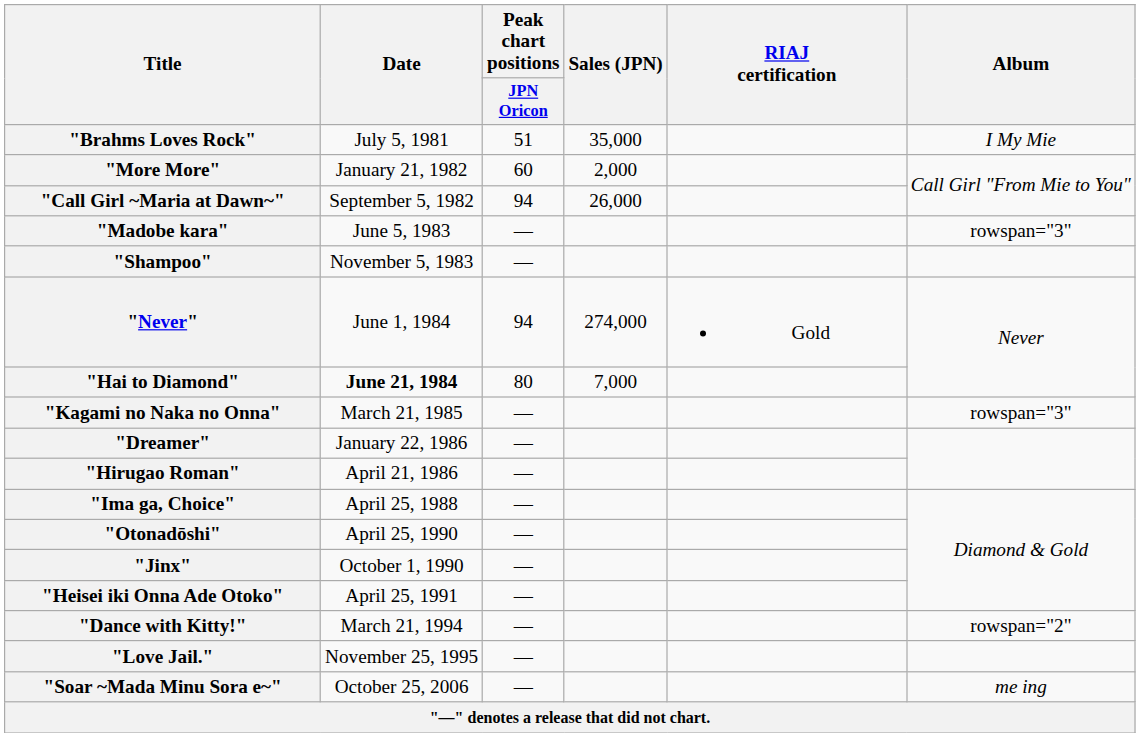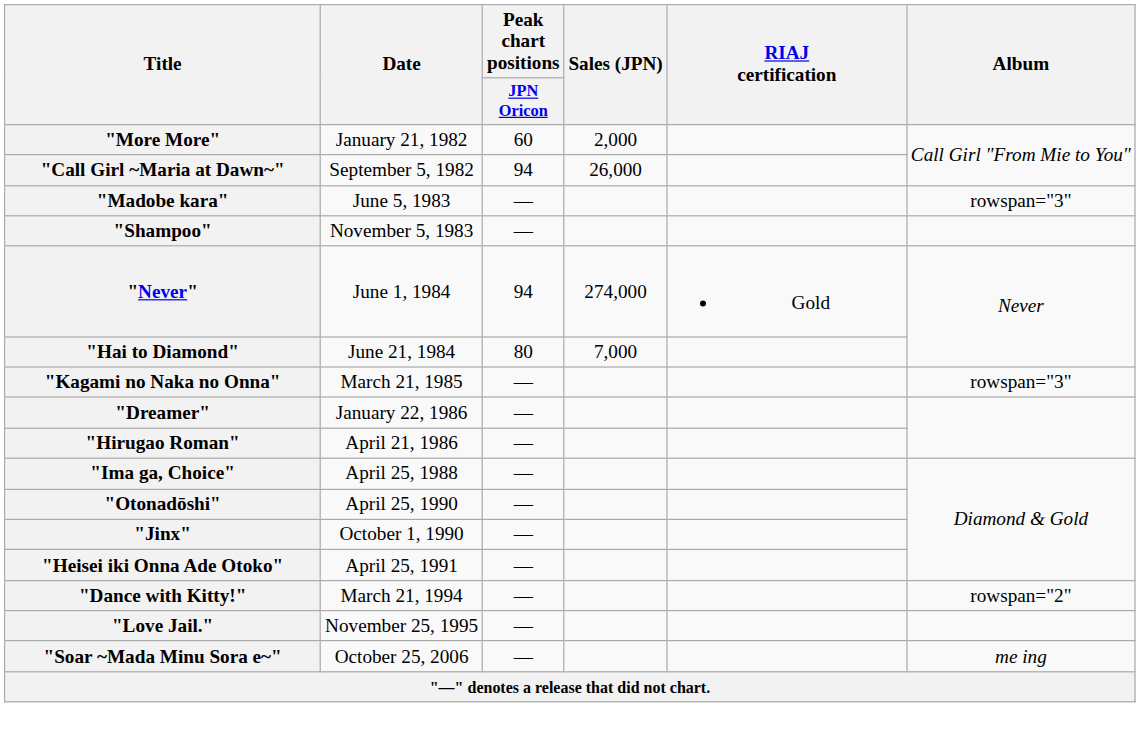 <table class="wikitable plainrowheaders" style="text-align:center;">
 <tr>
 <th scope="col" rowspan="2" style="width:16em;">Title</th>
 <th scope="col" rowspan="2">Date</th>
 <th scope="col" colspan="1">Peak chart positions</th>
 <th scope="col" rowspan="2">Sales (JPN)</th>
 <th scope="col" rowspan="2" style="width:12em;"><a href='#'>RIAJ</a><br>certification</th>
 <th scope="col" rowspan="2">Album</th>
 </tr>
 <tr>
 <th style="width:3em;font-size:85%"><a href='#'>JPN<br>Oricon</a><br></th>
-</tr>
-<tr>
-<th scope="row" align="left">"Brahms Loves Rock"</th>
-<td>July 5, 1981</td>
-<td>51</td>
-<td>35,000</td>
-<td></td>
-<td><em>I My Mie</em></td>
 </tr>
 <tr>
 <th scope="row" align="left">"More More"</th>
 <td>January 21, 1982</td>
 <td>60</td>
 <td>2,000</td>
 <td></td>
 <td rowspan="2"><em>Call Girl "From Mie to You"</em></td>
 </tr>
 <tr>
 <th scope="row" align="left">"Call Girl ~Maria at Dawn~"</th>
 <td>September 5, 1982</td>
 <td>94</td>
 <td>26,000</td>
 <td></td>
 </tr>
 <tr>
 <th scope="row" align="left">"Madobe kara"</th>
 <td>June 5, 1983</td>
 <td>—</td>
 <td></td>
 <td></td>
 <td>rowspan="3" </td>
 </tr>
 <tr>
 <th scope="row" align="left">"Shampoo"</th>
 <td>November 5, 1983</td>
 <td>—</td>
 <td></td>
 <td></td>
 </tr>
 <tr>
 <th scope="row" align="left">"<a href='#'>Never</a>"</th>
 <td>June 1, 1984</td>
 <td>94</td>
 <td>274,000</td>
 <td><br><ul><li>Gold</li></ul></td>
 <td rowspan="2"><em>Never</em></td>
 </tr>
 <tr>
 <th scope="row" align="left">"Hai to Diamond"</th>
-<td><strong>June 21, 1984</strong></td>
+<td>June 21, 1984</td>
 <td>80</td>
 <td>7,000</td>
 <td></td>
 </tr>
 <tr>
 <th scope="row" align="left">"Kagami no Naka no Onna"</th>
 <td>March 21, 1985</td>
 <td>—</td>
 <td></td>
 <td></td>
 <td>rowspan="3" </td>
 </tr>
 <tr>
 <th scope="row" align="left">"Dreamer"</th>
 <td>January 22, 1986</td>
 <td>—</td>
 <td></td>
 <td></td>
 </tr>
 <tr>
 <th scope="row" align="left">"Hirugao Roman"</th>
 <td>April 21, 1986</td>
 <td>—</td>
 <td></td>
 <td></td>
 </tr>
 <tr>
 <th scope="row" align="left">"Ima ga, Choice"</th>
 <td>April 25, 1988</td>
 <td>—</td>
 <td></td>
 <td></td>
 <td rowspan="4"><em>Diamond & Gold</em></td>
 </tr>
 <tr>
 <th scope="row" align="left">"Otonadōshi"</th>
 <td>April 25, 1990</td>
 <td>—</td>
 <td></td>
 <td></td>
 </tr>
 <tr>
 <th scope="row" align="left">"Jinx"</th>
 <td>October 1, 1990</td>
 <td>—</td>
 <td></td>
 <td></td>
 </tr>
 <tr>
 <th scope="row" align="left">"Heisei iki Onna Ade Otoko"</th>
 <td>April 25, 1991</td>
 <td>—</td>
 <td></td>
 <td></td>
 </tr>
 <tr>
 <th scope="row" align="left">"Dance with Kitty!"</th>
 <td>March 21, 1994</td>
 <td>—</td>
 <td></td>
 <td></td>
 <td>rowspan="2" </td>
 </tr>
 <tr>
 <th scope="row" align="left">"Love Jail."</th>
 <td>November 25, 1995</td>
 <td>—</td>
 <td></td>
 <td></td>
 </tr>
 <tr>
 <th scope="row" align="left">"Soar ~Mada Minu Sora e~"</th>
 <td>October 25, 2006</td>
 <td>—</td>
 <td></td>
 <td></td>
 <td><em>me ing</em></td>
 </tr>
 <tr>
 <th colspan="6"><small>"—" denotes a release that did not chart.</small></th>
 </tr>
 </table>
